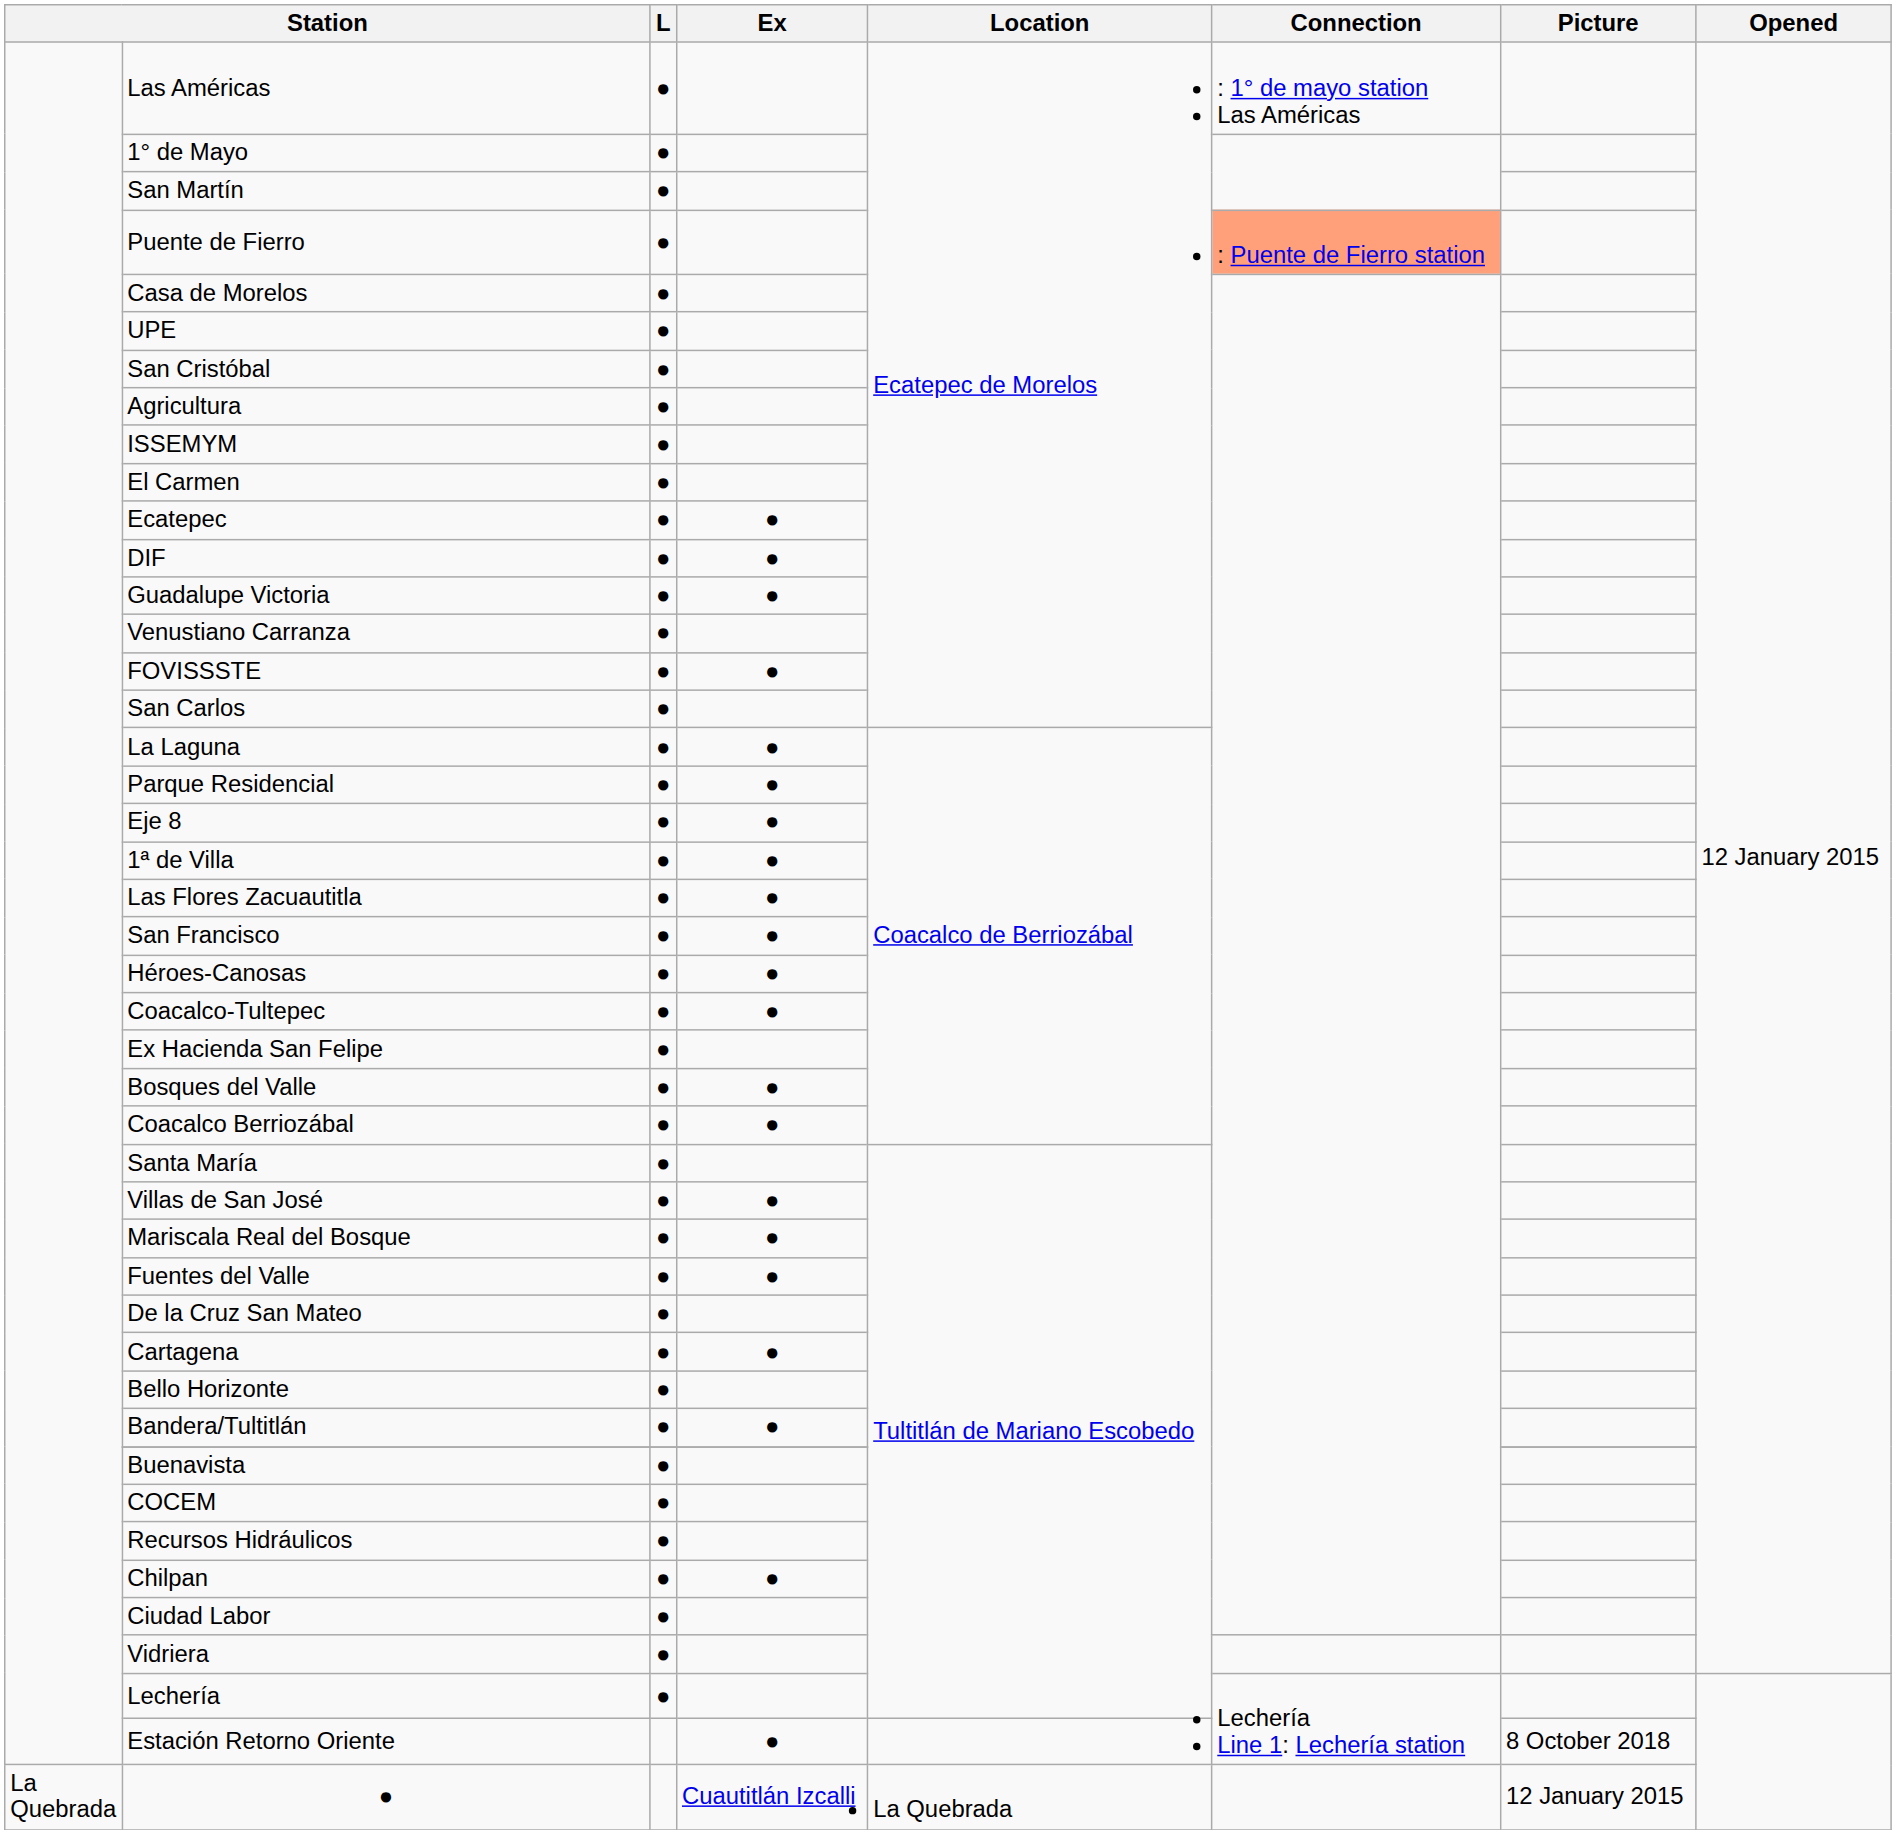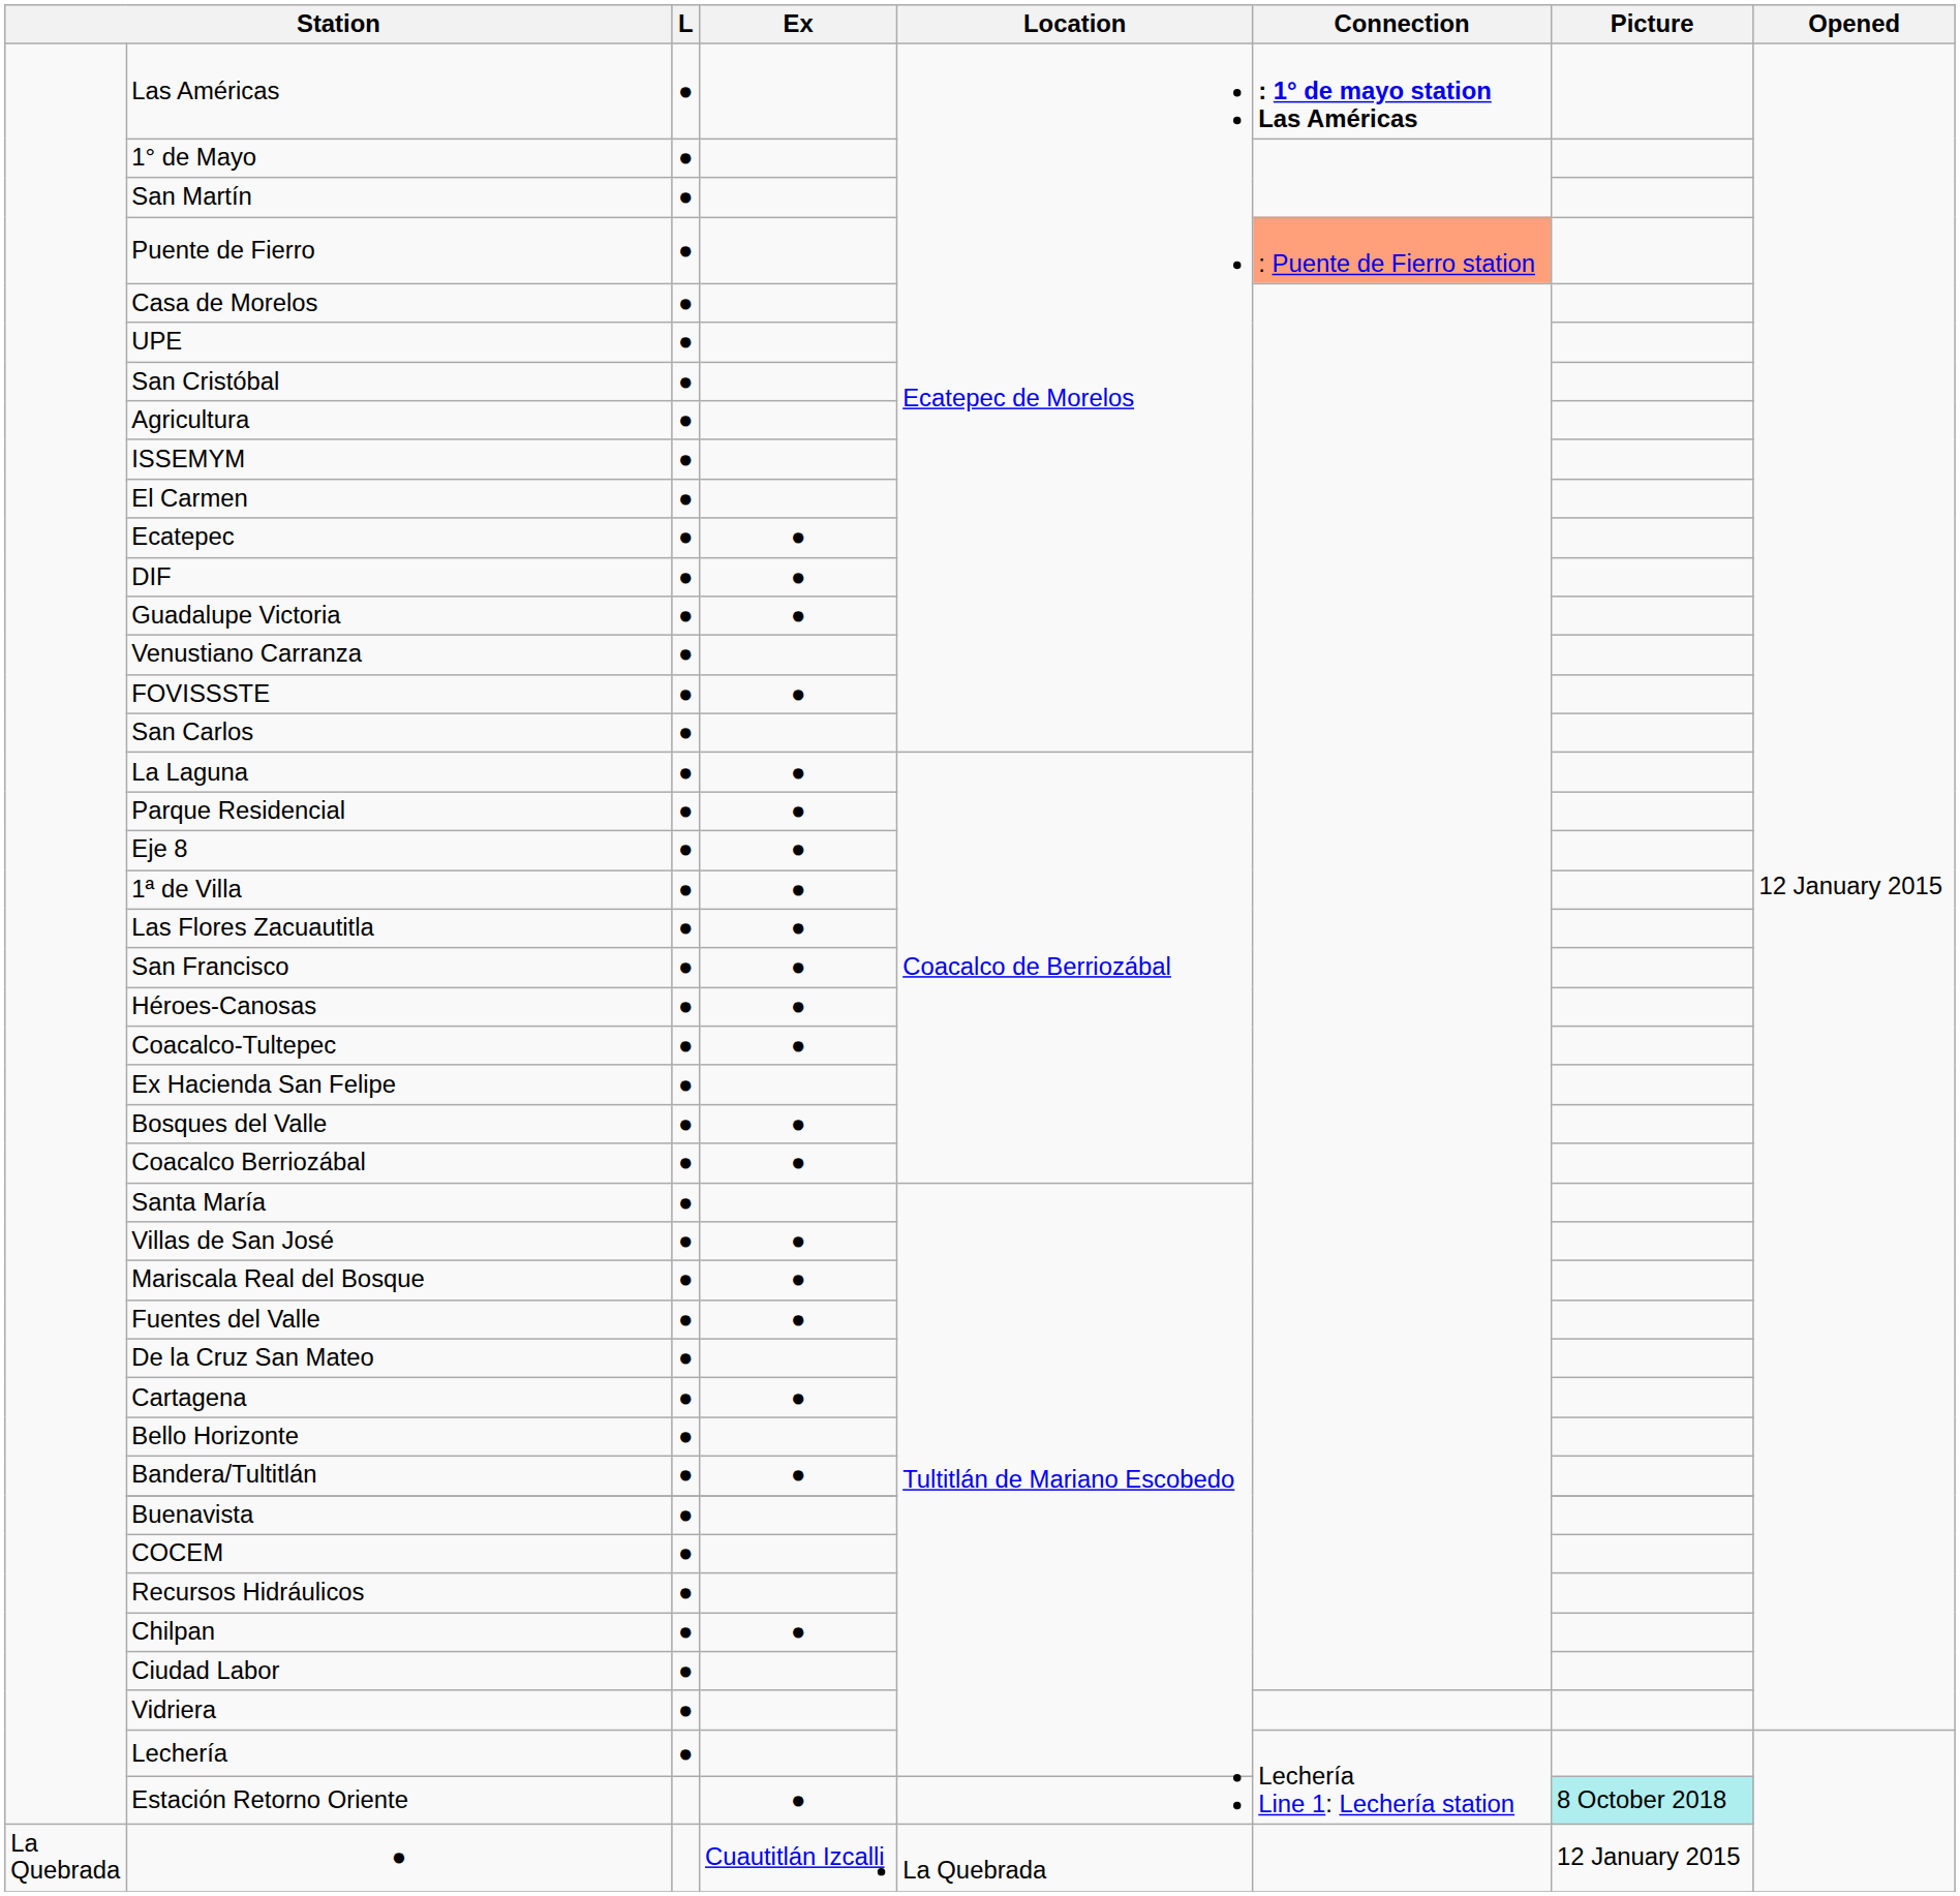 <table width="80%"  class="wikitable">
 <tr>
 <th colspan="2" align="center" width="30%">Station</th>
 <th align="center">L</th>
 <th align="center">Ex</th>
 <th align="center">Location</th>
 <th align="center">Connection</th>
 <th align="center">Picture</th>
 <th align="center">Opened</th>
 </tr>
 <tr>
 <td rowspan="44" width="2%"> </td>
 <td> Las Américas  </td>
 <td align="center">●</td>
 <td align="center"></td>
 <td rowspan="16"><a href='#'>Ecatepec de Morelos</a></td>
-<td><br><li> : <a href='#'>1° de mayo station</a> <li> Las Américas</li></td>
+<td><strong><br><li> : <a href='#'>1° de mayo station</a> <li> Las Américas</li></strong></td>
 <td></td>
 <td rowspan="42">12 January 2015</td>
 </tr>
 <tr>
 <td> 1° de Mayo  </td>
 <td align="center">●</td>
 <td align="center"></td>
 <td rowspan="2"></td>
 <td></td>
 </tr>
 <tr>
 <td> San Martín  </td>
 <td align="center">●</td>
 <td align="center"></td>
 <td></td>
 </tr>
 <tr>
 <td> Puente de Fierro  </td>
 <td align="center">●</td>
 <td align="center"></td>
 <td style="background: lightsalmon;"><br><li> : <a href='#'>Puente de Fierro station</a></td>
 <td></td>
 </tr>
 <tr>
 <td> Casa de Morelos  </td>
 <td align="center">●</td>
 <td align="center"></td>
 <td rowspan="37"></td>
 <td></td>
 </tr>
 <tr>
 <td> UPE  </td>
 <td align="center">●</td>
 <td align="center"></td>
 <td></td>
 </tr>
 <tr>
 <td> San Cristóbal  </td>
 <td align="center">●</td>
 <td align="center"></td>
 <td></td>
 </tr>
 <tr>
 <td> Agricultura  </td>
 <td align="center">●</td>
 <td align="center"></td>
 <td></td>
 </tr>
 <tr>
 <td> ISSEMYM  </td>
 <td align="center">●</td>
 <td align="center"></td>
 <td></td>
 </tr>
 <tr>
 <td> El Carmen  </td>
 <td align="center">●</td>
 <td align="center"></td>
 <td></td>
 </tr>
 <tr>
 <td> Ecatepec  </td>
 <td align="center">●</td>
 <td align="center">●</td>
 <td></td>
 </tr>
 <tr>
 <td> DIF  </td>
 <td align="center">●</td>
 <td align="center">●</td>
 <td></td>
 </tr>
 <tr>
 <td> Guadalupe Victoria  </td>
 <td align="center">●</td>
 <td align="center">●</td>
 <td></td>
 </tr>
 <tr>
 <td> Venustiano Carranza  </td>
 <td align="center">●</td>
 <td align="center"></td>
 <td></td>
 </tr>
 <tr>
 <td> FOVISSSTE  </td>
 <td align="center">●</td>
 <td align="center">●</td>
 <td></td>
 </tr>
 <tr>
 <td> San Carlos  </td>
 <td align="center">●</td>
 <td align="center"></td>
 <td></td>
 </tr>
 <tr>
 <td> La Laguna  </td>
 <td align="center">●</td>
 <td align="center">●</td>
 <td rowspan="11"><a href='#'>Coacalco de Berriozábal</a></td>
 <td></td>
 </tr>
 <tr>
 <td> Parque Residencial  </td>
 <td align="center">●</td>
 <td align="center">●</td>
 <td></td>
 </tr>
 <tr>
 <td> Eje 8  </td>
 <td align="center">●</td>
 <td align="center">●</td>
 <td></td>
 </tr>
 <tr>
 <td> 1ª de Villa  </td>
 <td align="center">●</td>
 <td align="center">●</td>
 <td></td>
 </tr>
 <tr>
 <td> Las Flores Zacuautitla  </td>
 <td align="center">●</td>
 <td align="center">●</td>
 <td></td>
 </tr>
 <tr>
 <td> San Francisco  </td>
 <td align="center">●</td>
 <td align="center">●</td>
 <td></td>
 </tr>
 <tr>
 <td> Héroes-Canosas  </td>
 <td align="center">●</td>
 <td align="center">●</td>
 <td></td>
 </tr>
 <tr>
 <td> Coacalco-Tultepec  </td>
 <td align="center">●</td>
 <td align="center">●</td>
 <td></td>
 </tr>
 <tr>
 <td> Ex Hacienda San Felipe  </td>
 <td align="center">●</td>
 <td align="center"></td>
 <td></td>
 </tr>
 <tr>
 <td> Bosques del Valle  </td>
 <td align="center">●</td>
 <td align="center">●</td>
 <td></td>
 </tr>
 <tr>
 <td> Coacalco Berriozábal  </td>
 <td align="center">●</td>
 <td align="center">●</td>
 <td></td>
 </tr>
 <tr>
 <td> Santa María  </td>
 <td align="center">●</td>
 <td align="center"></td>
 <td rowspan="16"><a href='#'>Tultitlán de Mariano Escobedo</a></td>
 <td></td>
 </tr>
 <tr>
 <td> Villas de San José  </td>
 <td align="center">●</td>
 <td align="center">●</td>
 <td></td>
 </tr>
 <tr>
 <td> Mariscala Real del Bosque  </td>
 <td align="center">●</td>
 <td align="center">●</td>
 <td></td>
 </tr>
 <tr>
 <td> Fuentes del Valle  </td>
 <td align="center">●</td>
 <td align="center">●</td>
 <td></td>
 </tr>
 <tr>
 <td> De la Cruz San Mateo  </td>
 <td align="center">●</td>
 <td align="center"></td>
 <td></td>
 </tr>
 <tr>
 <td> Cartagena  </td>
 <td align="center">●</td>
 <td align="center">●</td>
 <td></td>
 </tr>
 <tr>
 <td> Bello Horizonte  </td>
 <td align="center">●</td>
 <td align="center"></td>
 <td></td>
 </tr>
 <tr>
 <td> Bandera/Tultitlán  </td>
 <td align="center">●</td>
 <td align="center">●</td>
 <td></td>
 </tr>
 <tr>
 </tr>
 <tr>
 <td> Buenavista  </td>
 <td align="center">●</td>
 <td align="center"></td>
 <td></td>
 </tr>
 <tr>
 <td> COCEM  </td>
 <td align="center">●</td>
 <td align="center"></td>
 <td></td>
 </tr>
 <tr>
 <td> Recursos Hidráulicos  </td>
 <td align="center">●</td>
 <td align="center"></td>
 <td></td>
 </tr>
 <tr>
 <td> Chilpan  </td>
 <td align="center">●</td>
 <td align="center">●</td>
 <td></td>
 </tr>
 <tr>
 <td> Ciudad Labor  </td>
 <td align="center">●</td>
 <td align="center"></td>
 <td></td>
 </tr>
 <tr>
 <td> Vidriera  </td>
 <td align="center">●</td>
 <td align="center"></td>
 <td></td>
 </tr>
 <tr>
 <td> Lechería  </td>
 <td align="center">●</td>
 <td align="center"></td>
 <td rowspan="2"><br><li> Lechería</li> <li> <a href='#'>Line 1</a>: <a href='#'>Lechería station</a></td>
 <td></td>
 </tr>
 <tr>
 <td> Estación Retorno Oriente  </td>
 <td align="center"></td>
 <td align="center">●</td>
 <td></td>
-<td>8 October 2018</td>
+<td style="background: paleturquoise;">8 October 2018</td>
 </tr>
 <tr>
 <td> La Quebrada </td>
 <td align="center">●</td>
 <td align="center"></td>
 <td><a href='#'>Cuautitlán Izcalli</a></td>
 <td><br><li> La Quebrada</td>
 <td></td>
 <td>12 January 2015</td>
 </tr>
 </table>
